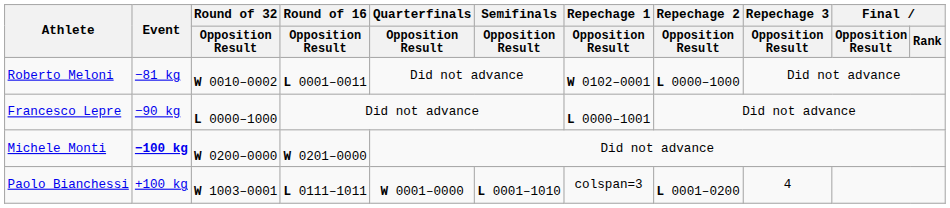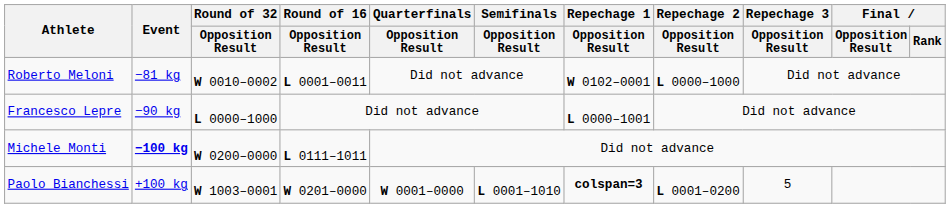 <table class="wikitable" style="font-size:90%">
 <tr>
 <th rowspan="2">Athlete</th>
 <th rowspan="2">Event</th>
 <th>Round of 32</th>
 <th>Round of 16</th>
 <th>Quarterfinals</th>
 <th>Semifinals</th>
 <th>Repechage 1</th>
 <th>Repechage 2</th>
 <th>Repechage 3</th>
 <th colspan=2>Final / </th>
 </tr>
 <tr style="font-size:95%">
 <th>Opposition<br>Result</th>
 <th>Opposition<br>Result</th>
 <th>Opposition<br>Result</th>
 <th>Opposition<br>Result</th>
 <th>Opposition<br>Result</th>
 <th>Opposition<br>Result</th>
 <th>Opposition<br>Result</th>
 <th>Opposition<br>Result</th>
 <th>Rank</th>
 </tr>
 <tr align=center>
 <td align=left><a href='#'>Roberto Meloni</a></td>
 <td align=left><a href='#'>−81 kg</a></td>
 <td><br><strong>W</strong> 0010–0002</td>
 <td><br><strong>L</strong> 0001–0011</td>
 <td colspan=2>Did not advance</td>
 <td><br><strong>W</strong> 0102–0001</td>
 <td><br><strong>L</strong> 0000–1000</td>
 <td colspan=3>Did not advance</td>
 </tr>
 <tr align=center>
 <td align=left><a href='#'>Francesco Lepre</a></td>
 <td align=left><a href='#'>−90 kg</a></td>
 <td><br><strong>L</strong> 0000–1000</td>
 <td colspan=3>Did not advance</td>
 <td><br><strong>L</strong> 0000–1001</td>
 <td colspan=4>Did not advance</td>
 </tr>
 <tr align=center>
 <td align=left><a href='#'>Michele Monti</a></td>
 <td align=left><strong><a href='#'>−100 kg</a></strong></td>
 <td><br><strong>W</strong> 0200–0000</td>
-<td><br><strong>W</strong> 0201–0000</td>
+<td><br><strong>L</strong> 0111–1011</td>
 <td colspan=7>Did not advance</td>
 </tr>
 <tr align=center>
 <td align=left><a href='#'>Paolo Bianchessi</a></td>
 <td align=left><a href='#'>+100 kg</a></td>
 <td><br><strong>W</strong> 1003–0001</td>
-<td><br><strong>L</strong> 0111–1011</td>
+<td><br><strong>W</strong> 0201–0000</td>
 <td><br><strong>W</strong> 0001–0000</td>
 <td><br><strong>L</strong> 0001–1010</td>
-<td>colspan=3 </td>
+<td><strong>colspan=3 </strong></td>
 <td><br><strong>L</strong> 0001–0200</td>
-<td>4</td>
+<td>5</td>
 </tr>
 </table>
